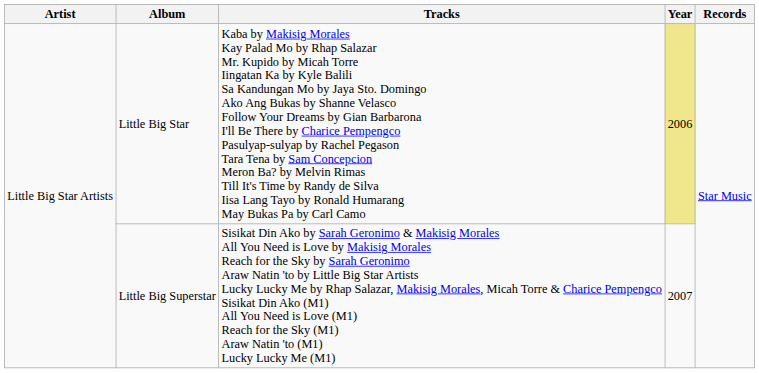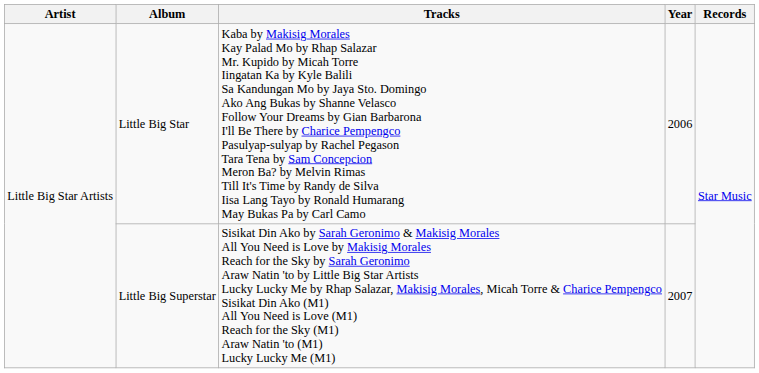 <table class="wikitable">
 <tr>
 <th>Artist</th>
 <th>Album</th>
 <th>Tracks</th>
 <th>Year</th>
 <th>Records</th>
 </tr>
 <tr>
 <td rowspan=2>Little Big Star Artists</td>
 <td>Little Big Star</td>
 <td>Kaba by <a href='#'>Makisig Morales</a> <br>Kay Palad Mo by Rhap Salazar <br>Mr. Kupido by Micah Torre <br>Iingatan Ka by Kyle Balili <br>Sa Kandungan Mo by Jaya Sto. Domingo <br>Ako Ang Bukas by Shanne Velasco <br>Follow Your Dreams by Gian Barbarona <br>I'll Be There by <a href='#'>Charice Pempengco</a> <br>Pasulyap-sulyap by Rachel Pegason <br>Tara Tena by <a href='#'>Sam Concepcion</a> <br>Meron Ba? by Melvin Rimas <br>Till It's Time by Randy de Silva <br>Iisa Lang Tayo by Ronald Humarang <br>May Bukas Pa by Carl Camo</td>
-<td style="background: khaki;">2006</td>
+<td>2006</td>
 <td rowspan=2><a href='#'>Star Music</a></td>
 </tr>
 <tr>
 <td>Little Big Superstar</td>
 <td>Sisikat Din Ako by <a href='#'>Sarah Geronimo</a> & <a href='#'>Makisig Morales</a> <br>All You Need is Love by <a href='#'>Makisig Morales</a> <br>Reach for the Sky by <a href='#'>Sarah Geronimo</a> <br>Araw Natin 'to by Little Big Star Artists <br>Lucky Lucky Me by Rhap Salazar, <a href='#'>Makisig Morales</a>, Micah Torre & <a href='#'>Charice Pempengco</a> <br>Sisikat Din Ako (M1) <br>All You Need is Love (M1) <br>Reach for the Sky (M1) <br>Araw Natin 'to (M1) <br>Lucky Lucky Me (M1)</td>
 <td>2007</td>
 </tr>
 </table>
